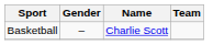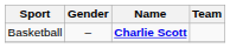 <table class="wikitable" style="text-align: center;">
 <tr>
 <th>Sport</th>
 <th>Gender</th>
 <th>Name</th>
 <th>Team</th>
 </tr>
 <tr>
 <td>Basketball</td>
 <td>–</td>
-<td><a href='#'>Charlie Scott</a></td>
+<td><strong><a href='#'>Charlie Scott</a></strong></td>
 <td></td>
 </tr>
 <tr>
 </tr>
 </table>
